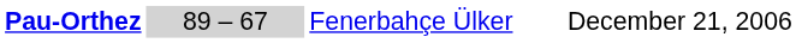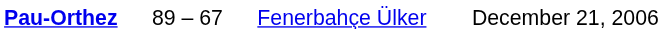 <table style="text-align:center">
 <tr>
 <th width=160></th>
 <th width=100></th>
 <th width=160></th>
 <th width=200></th>
 </tr>
 <tr>
 <td align=right><strong><a href='#'>Pau-Orthez</a></strong> </td>
-<td style="background: lightgrey;">89 – 67</td>
+<td>89 – 67</td>
 <td align=left> <a href='#'>Fenerbahçe Ülker</a></td>
 <td align=left>December 21, 2006</td>
 </tr>
 </table>
